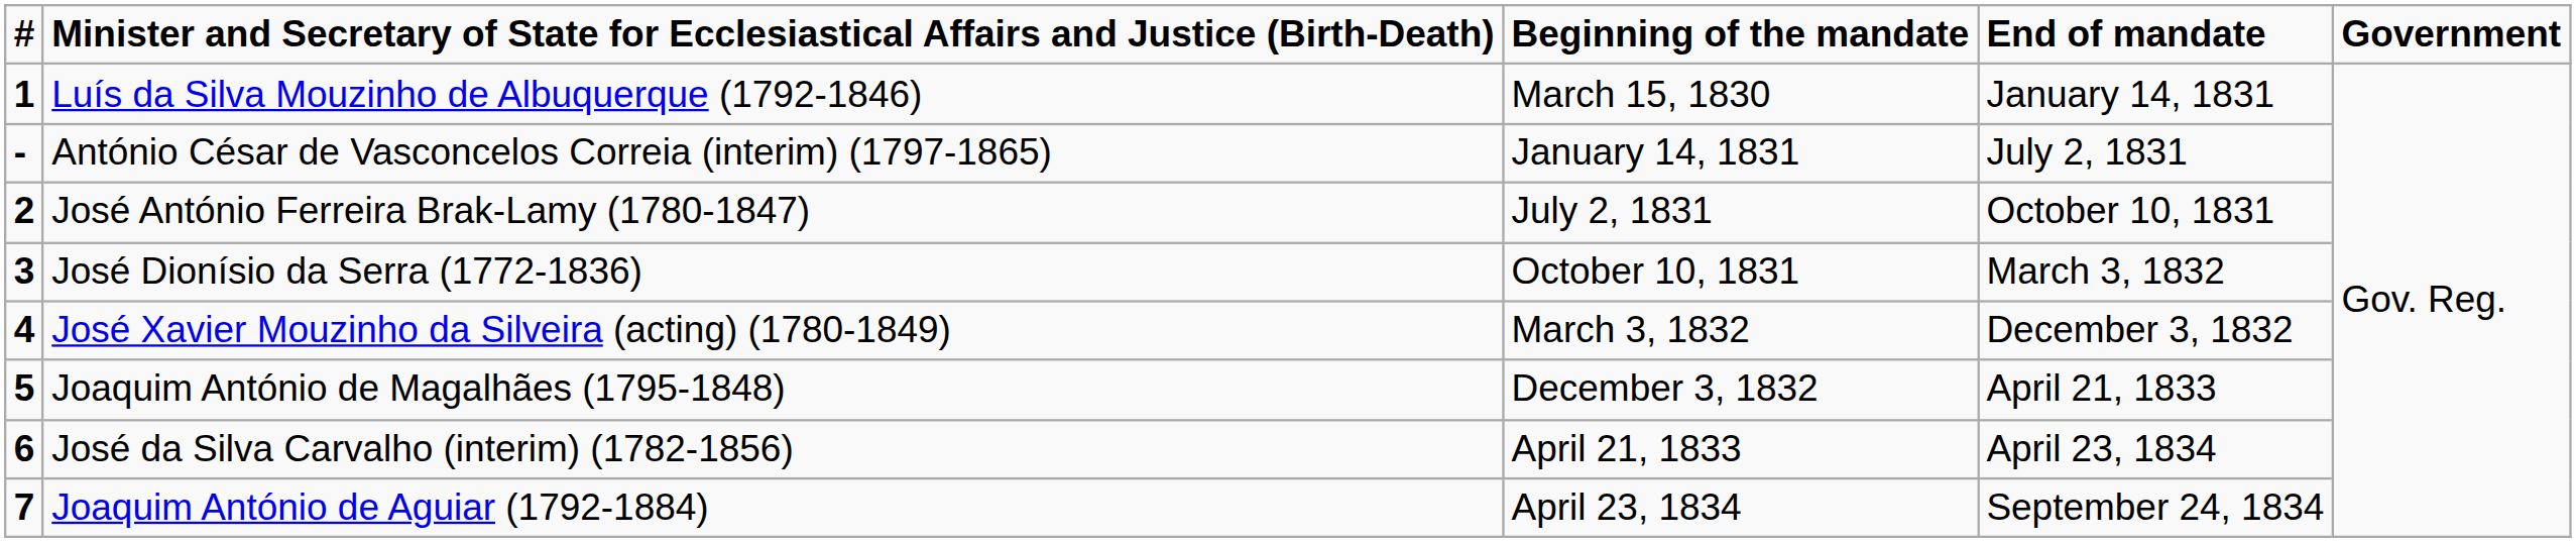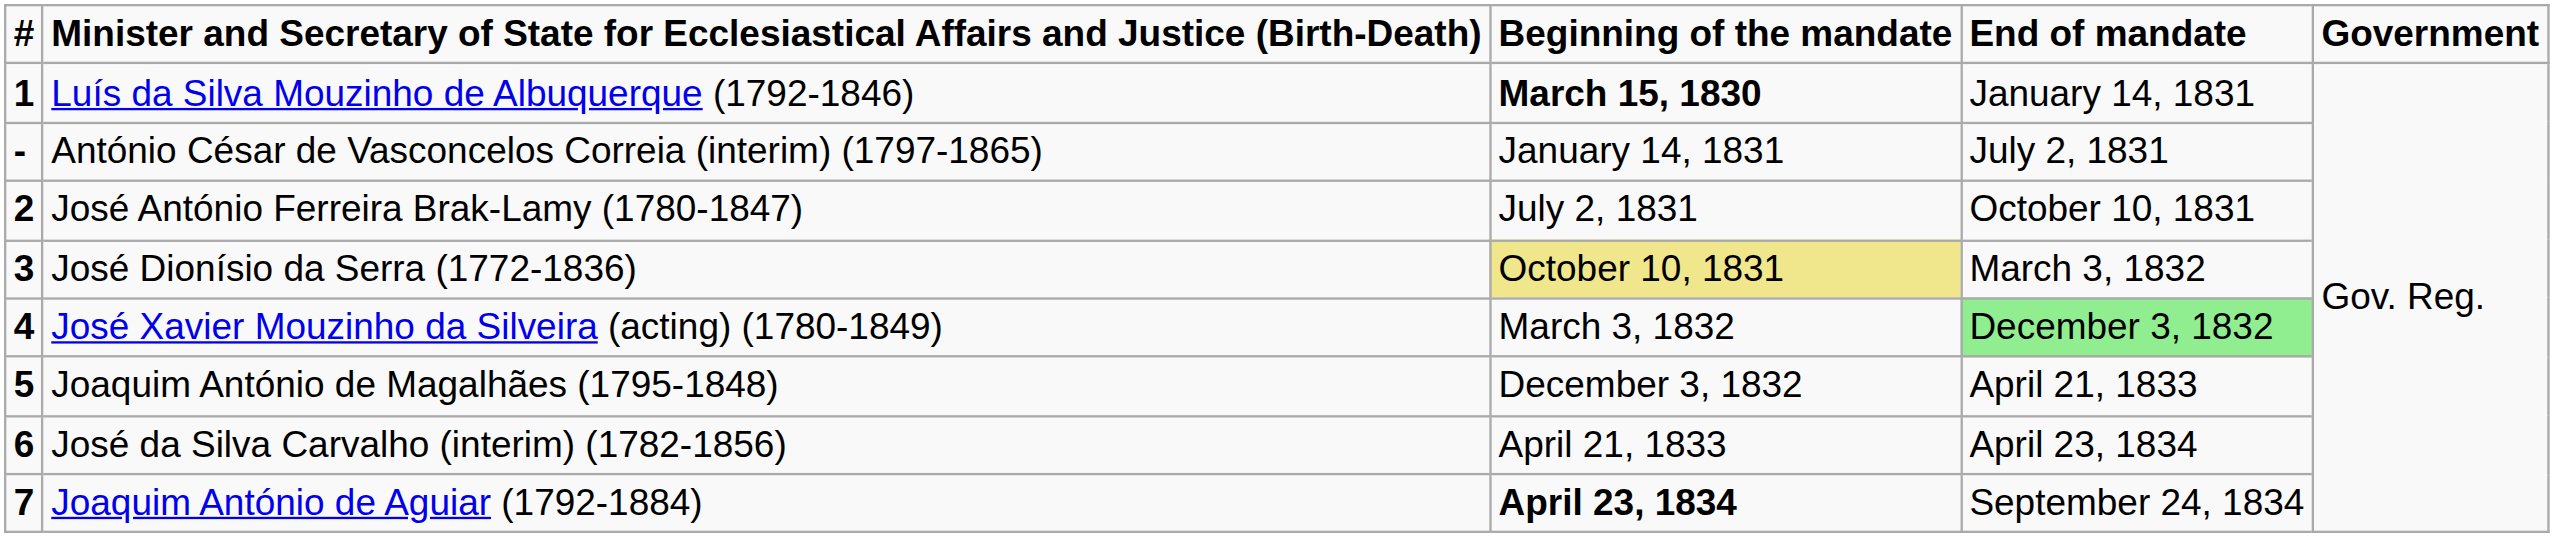 <table class="wikitable">
 <tr>
 <td><strong>#</strong></td>
 <td><strong>Minister and Secretary of State for Ecclesiastical Affairs and Justice (Birth-Death)</strong></td>
 <td><strong>Beginning of the mandate</strong></td>
 <td><strong>End of mandate</strong></td>
 <td><strong>Government</strong></td>
 </tr>
 <tr>
 <td><strong>1</strong></td>
 <td><a href='#'>Luís da Silva Mouzinho de Albuquerque</a> (1792-1846)</td>
-<td>March 15, 1830</td>
+<td><strong>March 15, 1830</strong></td>
 <td>January 14, 1831</td>
 <td rowspan="8">Gov. Reg.</td>
 </tr>
 <tr>
 <td><strong>-</strong></td>
 <td>António César de Vasconcelos Correia (interim) (1797-1865)</td>
 <td>January 14, 1831</td>
 <td>July 2, 1831</td>
 </tr>
 <tr>
 <td><strong>2</strong></td>
 <td>José António Ferreira Brak-Lamy (1780-1847)</td>
 <td>July 2, 1831</td>
 <td>October 10, 1831</td>
 </tr>
 <tr>
 <td><strong>3</strong></td>
 <td>José Dionísio da Serra (1772-1836)</td>
-<td>October 10, 1831</td>
+<td style="background: khaki;">October 10, 1831</td>
 <td>March 3, 1832</td>
 </tr>
 <tr>
 <td><strong>4</strong></td>
 <td><a href='#'>José Xavier Mouzinho da Silveira</a> (acting) (1780-1849)</td>
 <td>March 3, 1832</td>
-<td>December 3, 1832</td>
+<td style="background: lightgreen;">December 3, 1832</td>
 </tr>
 <tr>
 <td><strong>5</strong></td>
 <td>Joaquim António de Magalhães (1795-1848)</td>
 <td>December 3, 1832</td>
 <td>April 21, 1833</td>
 </tr>
 <tr>
 <td><strong>6</strong></td>
 <td>José da Silva Carvalho (interim) (1782-1856)</td>
 <td>April 21, 1833</td>
 <td>April 23, 1834</td>
 </tr>
 <tr>
 <td><strong>7</strong></td>
 <td><a href='#'>Joaquim António de Aguiar</a> (1792-1884)</td>
-<td>April 23, 1834</td>
+<td><strong>April 23, 1834</strong></td>
 <td>September 24, 1834</td>
 </tr>
 </table>
